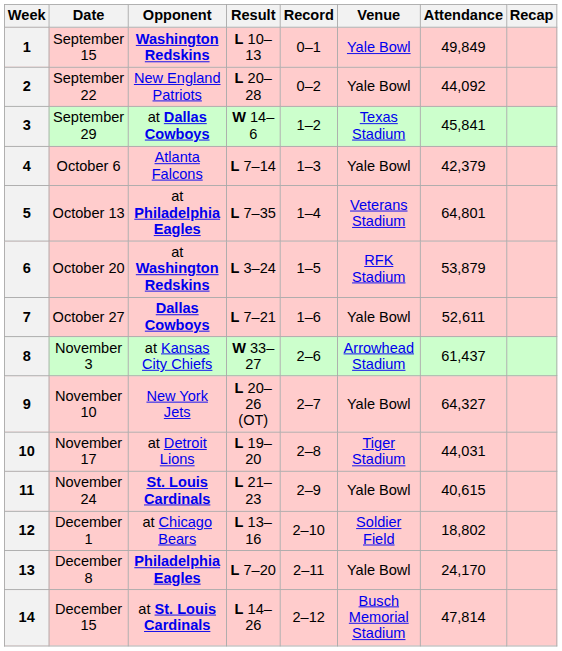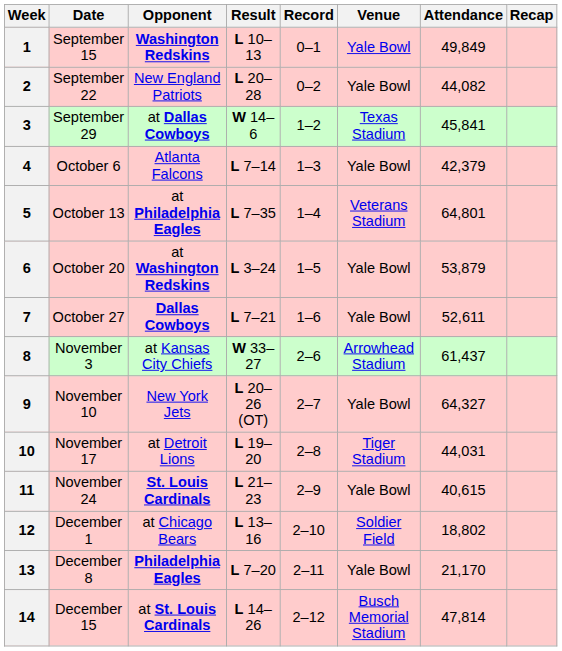 <table class="wikitable" style="text-align:center">
 <tr>
 <th>Week</th>
 <th>Date</th>
 <th>Opponent</th>
 <th>Result</th>
 <th>Record</th>
 <th>Venue</th>
 <th>Attendance</th>
 <th>Recap</th>
 </tr>
 <tr style="background: #fcc;">
 <th>1</th>
 <td>September 15</td>
 <td><strong><a href='#'>Washington Redskins</a></strong></td>
 <td><strong>L</strong> 10–13</td>
 <td>0–1</td>
 <td><a href='#'>Yale Bowl</a></td>
 <td>49,849</td>
 <td></td>
 </tr>
 <tr style="background: #fcc;">
 <th>2</th>
 <td>September 22</td>
 <td><a href='#'>New England Patriots</a></td>
 <td><strong>L</strong> 20–28</td>
 <td>0–2</td>
 <td>Yale Bowl</td>
-<td>44,092</td>
+<td>44,082</td>
 <td></td>
 </tr>
 <tr style="background: #cfc;">
 <th>3</th>
 <td>September 29</td>
 <td>at <strong><a href='#'>Dallas Cowboys</a></strong></td>
 <td><strong>W</strong> 14–6</td>
 <td>1–2</td>
 <td><a href='#'>Texas Stadium</a></td>
 <td>45,841</td>
 <td></td>
 </tr>
 <tr style="background: #fcc;">
 <th>4</th>
 <td>October 6</td>
 <td><a href='#'>Atlanta Falcons</a></td>
 <td><strong>L</strong> 7–14</td>
 <td>1–3</td>
 <td>Yale Bowl</td>
 <td>42,379</td>
 <td></td>
 </tr>
 <tr style="background: #fcc;">
 <th>5</th>
 <td>October 13</td>
 <td>at <strong><a href='#'>Philadelphia Eagles</a></strong></td>
 <td><strong>L</strong> 7–35</td>
 <td>1–4</td>
 <td><a href='#'>Veterans Stadium</a></td>
 <td>64,801</td>
 <td></td>
 </tr>
 <tr style="background: #fcc;">
 <th>6</th>
 <td>October 20</td>
 <td>at <strong><a href='#'>Washington Redskins</a></strong></td>
 <td><strong>L</strong> 3–24</td>
 <td>1–5</td>
-<td><a href='#'>RFK Stadium</a></td>
+<td>Yale Bowl</td>
 <td>53,879</td>
 <td></td>
 </tr>
 <tr style="background: #fcc;">
 <th>7</th>
 <td>October 27</td>
 <td><strong><a href='#'>Dallas Cowboys</a></strong></td>
 <td><strong>L</strong> 7–21</td>
 <td>1–6</td>
 <td>Yale Bowl</td>
 <td>52,611</td>
 <td></td>
 </tr>
 <tr style="background: #cfc;">
 <th>8</th>
 <td>November 3</td>
 <td>at <a href='#'>Kansas City Chiefs</a></td>
 <td><strong>W</strong> 33–27</td>
 <td>2–6</td>
 <td><a href='#'>Arrowhead Stadium</a></td>
 <td>61,437</td>
 <td></td>
 </tr>
 <tr style="background: #fcc;">
 <th>9</th>
 <td>November 10</td>
 <td><a href='#'>New York Jets</a></td>
 <td><strong>L</strong> 20–26 (OT)</td>
 <td>2–7</td>
 <td>Yale Bowl</td>
 <td>64,327</td>
 <td></td>
 </tr>
 <tr style="background: #fcc;">
 <th>10</th>
 <td>November 17</td>
 <td>at <a href='#'>Detroit Lions</a></td>
 <td><strong>L</strong> 19–20</td>
 <td>2–8</td>
 <td><a href='#'>Tiger Stadium</a></td>
 <td>44,031</td>
 <td></td>
 </tr>
 <tr style="background: #fcc;">
 <th>11</th>
 <td>November 24</td>
 <td><strong><a href='#'>St. Louis Cardinals</a></strong></td>
 <td><strong>L</strong> 21–23</td>
 <td>2–9</td>
 <td>Yale Bowl</td>
 <td>40,615</td>
 <td></td>
 </tr>
 <tr style="background: #fcc;">
 <th>12</th>
 <td>December 1</td>
 <td>at <a href='#'>Chicago Bears</a></td>
 <td><strong>L</strong> 13–16</td>
 <td>2–10</td>
 <td><a href='#'>Soldier Field</a></td>
 <td>18,802</td>
 <td></td>
 </tr>
 <tr style="background: #fcc;">
 <th>13</th>
 <td>December 8</td>
 <td><strong><a href='#'>Philadelphia Eagles</a></strong></td>
 <td><strong>L</strong> 7–20</td>
 <td>2–11</td>
 <td>Yale Bowl</td>
-<td>24,170</td>
+<td>21,170</td>
 <td></td>
 </tr>
 <tr style="background: #fcc;">
 <th>14</th>
 <td>December 15</td>
 <td>at <strong><a href='#'>St. Louis Cardinals</a></strong></td>
 <td><strong>L</strong> 14–26</td>
 <td>2–12</td>
 <td><a href='#'>Busch Memorial Stadium</a></td>
 <td>47,814</td>
 <td></td>
 </tr>
 </table>
